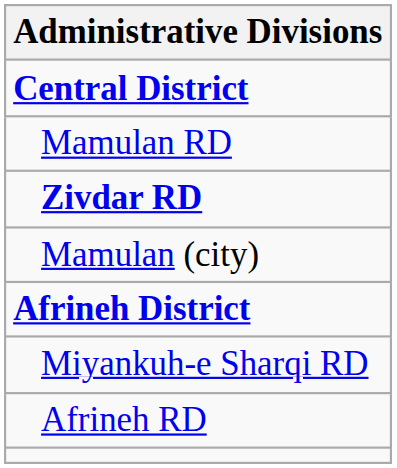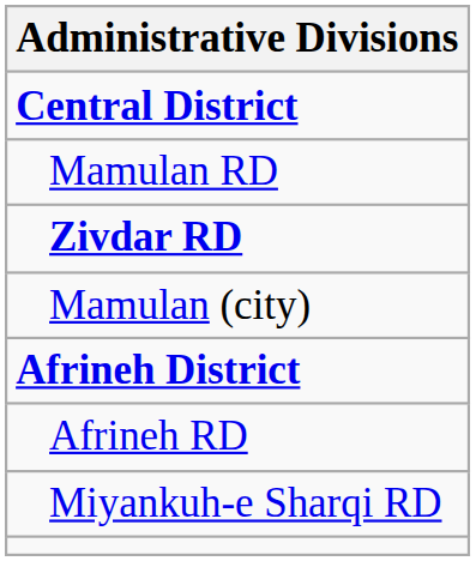 <table class="wikitable">
 <tr>
 <th>Administrative Divisions</th>
 </tr>
 <tr>
 <td><strong><a href='#'>Central District</a></strong></td>
 </tr>
 <tr>
 <td style="padding-left: 1em;"><a href='#'>Mamulan RD</a></td>
 </tr>
 <tr>
 <td style="padding-left: 1em;"><strong><a href='#'>Zivdar RD</a></strong></td>
 </tr>
 <tr>
 <td style="padding-left: 1em;"><a href='#'>Mamulan</a> (city)</td>
 </tr>
 <tr>
 <td><strong><a href='#'>Afrineh District</a></strong></td>
 </tr>
 <tr>
-<td style="padding-left: 1em;"><a href='#'>Miyankuh-e Sharqi RD</a></td>
+<td style="padding-left: 1em;"><a href='#'>Afrineh RD</a></td>
 </tr>
 <tr>
-<td style="padding-left: 1em;"><a href='#'>Afrineh RD</a></td>
+<td style="padding-left: 1em;"><a href='#'>Miyankuh-e Sharqi RD</a></td>
 </tr>
 <tr>
 <td colspan=1></td>
 </tr>
 </table>
